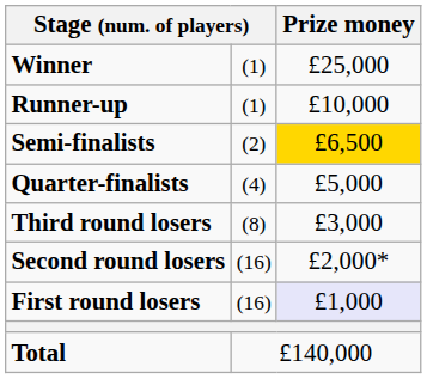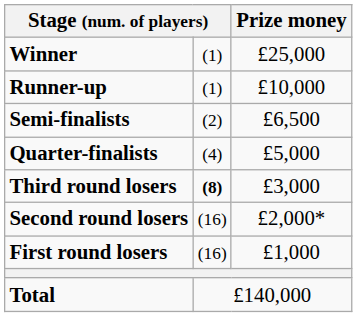 <table class="wikitable">
 <tr>
 <th colspan=2>Stage <small>(num. of players)</small></th>
 <th>Prize money</th>
 </tr>
 <tr>
 <td><strong>Winner</strong></td>
 <td align=center><small>(1)</small></td>
 <td align=center>£25,000</td>
 </tr>
 <tr>
 <td><strong>Runner-up</strong></td>
 <td align=center><small>(1)</small></td>
 <td align=center>£10,000</td>
 </tr>
 <tr>
 <td><strong>Semi-finalists</strong></td>
 <td align=center><small>(2)</small></td>
-<td align=center style="background: gold;">£6,500</td>
+<td align=center>£6,500</td>
 </tr>
 <tr>
 <td><strong>Quarter-finalists</strong></td>
 <td align=center><small>(4)</small></td>
 <td align=center>£5,000</td>
 </tr>
 <tr>
 <td><strong>Third round losers</strong></td>
-<td align=center><small>(8)</small></td>
+<td align=center><strong><small>(8)</small></strong></td>
 <td align=center>£3,000</td>
 </tr>
 <tr>
 <td><strong>Second round losers</strong></td>
 <td align=center><small>(16)</small></td>
 <td align=center>£2,000*</td>
 </tr>
 <tr>
 <td><strong>First round losers</strong></td>
 <td align=center><small>(16)</small></td>
-<td align=center style="background: lavender;">£1,000</td>
+<td align=center>£1,000</td>
 </tr>
 <tr>
 <th colspan=3></th>
 </tr>
 <tr>
 <td><strong>Total</strong></td>
 <td align=center colspan=2>£140,000</td>
 </tr>
 </table>
